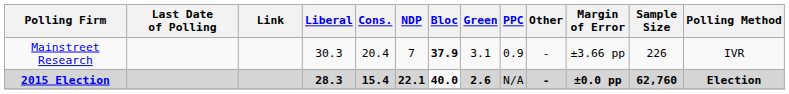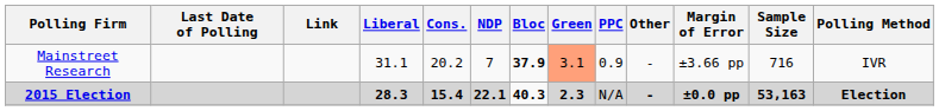 <table class="wikitable sortable" style="text-align:center;font-size:90%;line-height:14px;">
 <tr style="background:#e9e9e9;">
 <th style="width:120px">Polling Firm</th>
 <th style="width:110px">Last Date<br>of Polling</th>
 <th style="width:60px" class="unsortable">Link</th>
 <th style="background-color:"><strong><a href='#'>Liberal</a></strong></th>
 <th style="background-color:"><strong><a href='#'>Cons.</a></strong></th>
 <th style="background-color:"><strong><a href='#'>NDP</a></strong></th>
 <th style="background-color:"><strong><a href='#'>Bloc</a></strong></th>
 <th style="background-color:"><strong><a href='#'>Green</a></strong></th>
 <th style="background-color:"><strong><a href='#'>PPC</a></strong></th>
 <th style="background-color:"><strong>Other</strong></th>
 <th style="width:60px;" class=unsortable>Margin<br>of Error</th>
 <th style="width:50px;" class=unsortable>Sample<br>Size</th>
 <th class=unsortable>Polling Method</th>
 </tr>
 <tr>
 <td><a href='#'>Mainstreet Research</a></td>
 <td></td>
 <td></td>
-<td>30.3</td>
-<td>20.4</td>
+<td>31.1</td>
+<td>20.2</td>
 <td>7</td>
 <td style="background-color:"><strong>37.9</strong></td>
-<td>3.1</td>
+<td style="background: lightsalmon;">3.1</td>
 <td>0.9</td>
 <td>-</td>
 <td>±3.66 pp</td>
-<td>226</td>
+<td>716</td>
 <td>IVR</td>
 </tr>
 <tr>
 <td style="background:#D5D5D5"><strong><a href='#'>2015 Election</a></strong></td>
 <td style="background:#D5D5D5"><strong></strong></td>
 <td style="background:#D5D5D5"></td>
 <td style="background:#D5D5D5"><strong>28.3</strong></td>
 <td style="background:#D5D5D5"><strong>15.4</strong></td>
 <td style="background:#D5D5D5"><strong>22.1</strong></td>
-<td style="background-color:"><strong>40.0</strong></td>
-<td style="background:#D5D5D5"><strong>2.6</strong></td>
+<td style="background-color:"><strong>40.3</strong></td>
+<td style="background:#D5D5D5"><strong>2.3</strong></td>
 <td style="background:#D5D5D5">N/A</td>
 <td style="background:#D5D5D5"><strong>-</strong></td>
 <td style="background:#D5D5D5"><strong>±0.0 pp</strong></td>
-<td style="background:#D5D5D5"><strong>62,760</strong></td>
+<td style="background:#D5D5D5"><strong>53,163</strong></td>
 <td style="background:#D5D5D5"><strong>Election</strong></td>
 </tr>
 <tr>
 </tr>
 <tr>
 </tr>
 </table>
